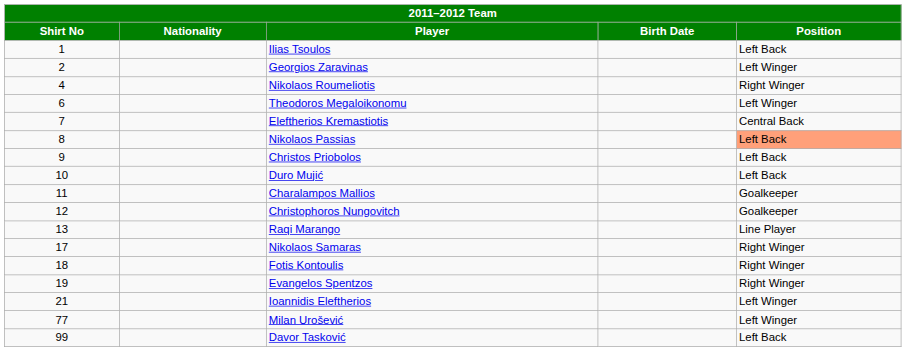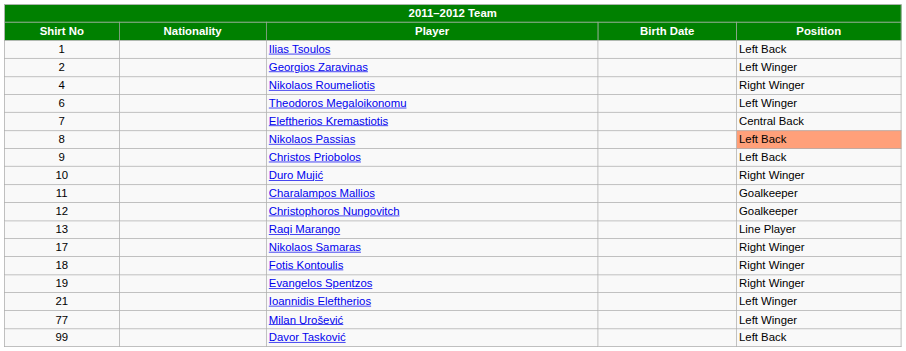 <table class="wikitable collapsible collapsed" style="width:100%">
 <tr>
 <th colspan=5 style="background-color:#008000;color:#FFFFFF;text-align:center;"> <strong>2011–2012 Team</strong></th>
 </tr>
 <tr>
 <th style="color:#FFFFFF; background:#008000">Shirt No</th>
 <th style="color:#FFFFFF; background:#008000">Nationality</th>
 <th style="color:#FFFFFF; background:#008000">Player</th>
 <th style="color:#FFFFFF; background:#008000">Birth Date</th>
 <th style="color:#FFFFFF; background:#008000">Position</th>
 </tr>
 <tr>
 <td align=center>1</td>
 <td></td>
 <td><a href='#'>Ilias Tsoulos</a></td>
 <td></td>
 <td>Left Back</td>
 </tr>
 <tr>
 <td align=center>2</td>
 <td></td>
 <td><a href='#'>Georgios Zaravinas</a></td>
 <td></td>
 <td>Left Winger</td>
 </tr>
 <tr>
 <td align=center>4</td>
 <td></td>
 <td><a href='#'>Nikolaos Roumeliotis</a></td>
 <td></td>
 <td>Right Winger</td>
 </tr>
 <tr>
 <td align=center>6</td>
 <td></td>
 <td><a href='#'>Theodoros Megaloikonomu</a></td>
 <td></td>
 <td>Left Winger</td>
 </tr>
 <tr>
 <td align=center>7</td>
 <td></td>
 <td><a href='#'>Eleftherios Kremastiotis</a></td>
 <td></td>
 <td>Central Back</td>
 </tr>
 <tr>
 <td align=center>8</td>
 <td></td>
 <td><a href='#'>Nikolaos Passias</a></td>
 <td></td>
 <td style="background: lightsalmon;">Left Back</td>
 </tr>
 <tr>
 <td align=center>9</td>
 <td></td>
 <td><a href='#'>Christos Priobolos</a></td>
 <td></td>
 <td>Left Back</td>
 </tr>
 <tr>
 <td align=center>10</td>
 <td></td>
 <td><a href='#'>Duro Mujić</a></td>
 <td></td>
-<td>Left Back</td>
+<td>Right Winger</td>
 </tr>
 <tr>
 <td align=center>11</td>
 <td></td>
 <td><a href='#'>Charalampos Mallios</a></td>
 <td></td>
 <td>Goalkeeper</td>
 </tr>
 <tr>
 <td align=center>12</td>
 <td></td>
 <td><a href='#'>Christophoros Nungovitch</a></td>
 <td></td>
 <td>Goalkeeper</td>
 </tr>
 <tr>
 <td align=center>13</td>
 <td></td>
 <td><a href='#'>Raqi Marango</a></td>
 <td></td>
 <td>Line Player</td>
 </tr>
 <tr>
 <td align=center>17</td>
 <td></td>
 <td><a href='#'>Nikolaos Samaras</a></td>
 <td></td>
 <td>Right Winger</td>
 </tr>
 <tr>
 <td align=center>18</td>
 <td></td>
 <td><a href='#'>Fotis Kontoulis</a></td>
 <td></td>
 <td>Right Winger</td>
 </tr>
 <tr>
 <td align=center>19</td>
 <td></td>
 <td><a href='#'>Evangelos Spentzos</a></td>
 <td></td>
 <td>Right Winger</td>
 </tr>
 <tr>
 <td align=center>21</td>
 <td></td>
 <td><a href='#'>Ioannidis Eleftherios</a></td>
 <td></td>
 <td>Left Winger</td>
 </tr>
 <tr>
 <td align=center>77</td>
 <td></td>
 <td><a href='#'>Milan Urošević</a></td>
 <td></td>
 <td>Left Winger</td>
 </tr>
 <tr>
 <td align=center>99</td>
 <td></td>
 <td><a href='#'>Davor Tasković</a></td>
 <td></td>
 <td>Left Back</td>
 </tr>
 </table>
